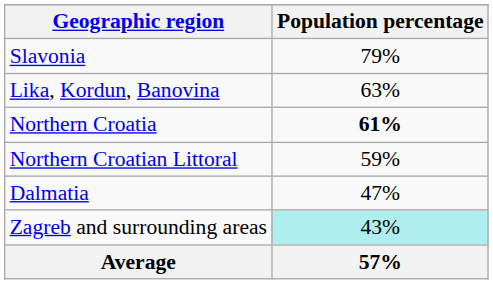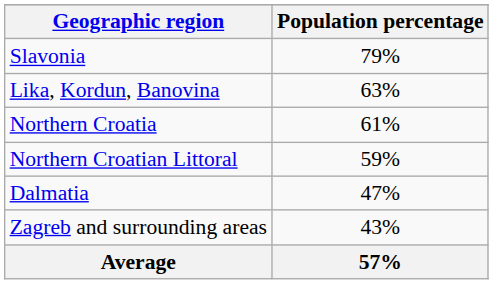 <table class="wikitable">
 <tr>
 </tr>
 <tr>
 <th><a href='#'>Geographic region</a></th>
 <th>Population percentage</th>
 </tr>
 <tr>
 <td><a href='#'>Slavonia</a></td>
 <td align=center>79%</td>
 </tr>
 <tr>
 <td><a href='#'>Lika</a>, <a href='#'>Kordun</a>, <a href='#'>Banovina</a></td>
 <td align=center>63%</td>
 </tr>
 <tr>
 <td><a href='#'>Northern Croatia</a></td>
-<td align=center><strong>61%</strong></td>
+<td align=center>61%</td>
 </tr>
 <tr>
 <td><a href='#'>Northern Croatian Littoral</a></td>
 <td align=center>59%</td>
 </tr>
 <tr>
 <td><a href='#'>Dalmatia</a></td>
 <td align=center>47%</td>
 </tr>
 <tr>
 <td><a href='#'>Zagreb</a> and surrounding areas</td>
-<td align=center style="background: paleturquoise;">43%</td>
+<td align=center>43%</td>
 </tr>
 <tr>
 <th>Average</th>
 <th>57%</th>
 </tr>
 </table>
